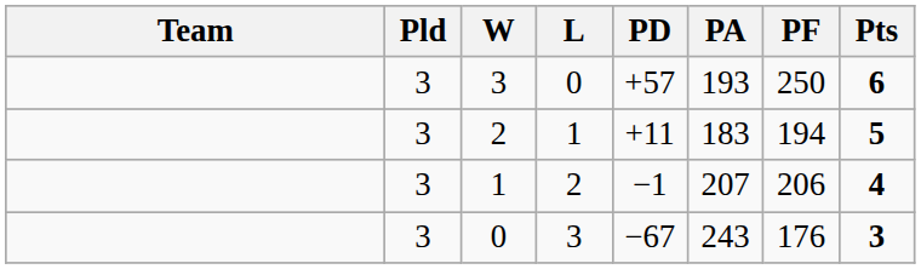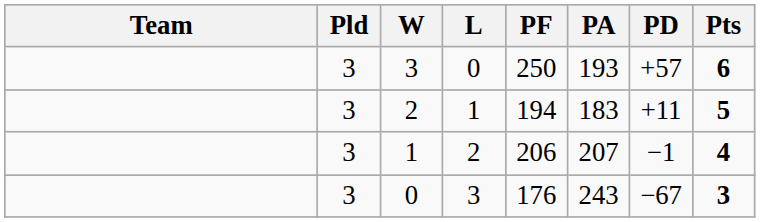 <table class=wikitable style="text-align:center">
 <tr>
 <th width=180>Team</th>
 <th width=30>Pld</th>
 <th width=30>W</th>
 <th width=30>L</th>
+<th width=30>PF</th>
+<th width=30>PA</th>
 <th width=30>PD</th>
-<th width=30>PA</th>
-<th width=30>PF</th>
 <th width=30>Pts</th>
 </tr>
 <tr align=center>
 <td align=left></td>
 <td>3</td>
 <td>3</td>
 <td>0</td>
+<td>250</td>
+<td>193</td>
 <td>+57</td>
-<td>193</td>
-<td>250</td>
 <td><strong>6</strong></td>
 </tr>
 <tr align=center>
 <td align=left></td>
 <td>3</td>
 <td>2</td>
 <td>1</td>
+<td>194</td>
+<td>183</td>
 <td>+11</td>
-<td>183</td>
-<td>194</td>
 <td><strong>5</strong></td>
 </tr>
 <tr align=center>
 <td align=left></td>
 <td>3</td>
 <td>1</td>
 <td>2</td>
+<td>206</td>
+<td>207</td>
 <td>−1</td>
-<td>207</td>
-<td>206</td>
 <td><strong>4</strong></td>
 </tr>
 <tr align=center>
 <td align=left></td>
 <td>3</td>
 <td>0</td>
 <td>3</td>
+<td>176</td>
+<td>243</td>
 <td>−67</td>
-<td>243</td>
-<td>176</td>
 <td><strong>3</strong></td>
 </tr>
 </table>
